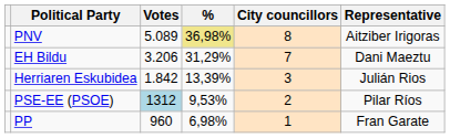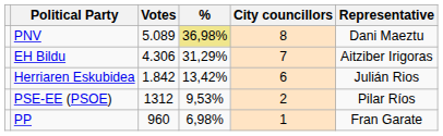 <table class="wikitable">
 <tr ---->
 <th></th>
 <th>Political Party</th>
 <th>Votes</th>
 <th>%</th>
 <th>City councillors</th>
 <th>Representative</th>
 </tr>
 <tr ---->
 <td></td>
 <td><a href='#'>PNV</a></td>
 <td align="center">5.089</td>
 <td align="center" style="background: khaki;">36,98%</td>
 <td align="center" bgcolor="#FFE4C4">8</td>
-<td align="center">Aitziber Irigoras</td>
+<td align="center">Dani Maeztu</td>
 </tr>
 <tr ---->
 <td></td>
 <td><a href='#'>EH Bildu</a></td>
-<td align="center">3.206</td>
+<td align="center">4.306</td>
 <td align="center">31,29%</td>
 <td align="center" bgcolor="#FFE4C4">7</td>
-<td align="center">Dani Maeztu</td>
+<td align="center">Aitziber Irigoras</td>
 </tr>
 <tr ---->
 <td></td>
 <td><a href='#'>Herriaren Eskubidea</a></td>
 <td align="center">1.842</td>
-<td align="center">13,39%</td>
-<td align="center" bgcolor="#FFE4C4">3</td>
+<td align="center">13,42%</td>
+<td align="center" bgcolor="#FFE4C4">6</td>
 <td align="center">Julián Rios</td>
 </tr>
 <tr ---->
 <td></td>
 <td><a href='#'>PSE-EE</a> (<a href='#'>PSOE</a>)</td>
-<td align="center" style="background: lightblue;">1312</td>
+<td align="center">1312</td>
 <td align="center">9,53%</td>
 <td align="center" bgcolor="#FFE4C4">2</td>
 <td align="center">Pilar Ríos</td>
 </tr>
 <tr ---->
 <td></td>
 <td><a href='#'>PP</a></td>
 <td align="center">960</td>
 <td align="center">6,98%</td>
 <td align="center" bgcolor="#FFE4C4">1</td>
 <td align="center">Fran Garate</td>
 </tr>
 </table>
